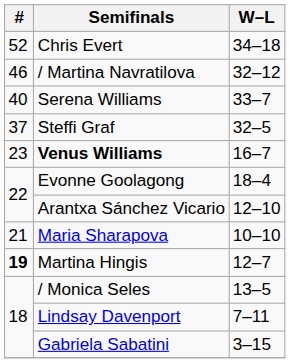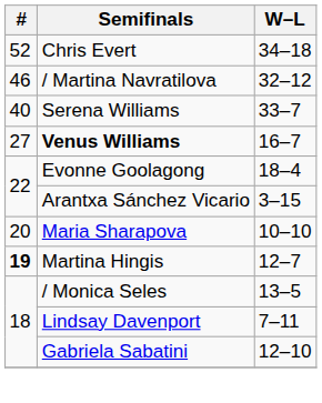 <table class="wikitable" style="display:inline-table;">
 <tr>
 <th width=20>#</th>
 <th>Semifinals</th>
 <th>W–L</th>
 </tr>
 <tr>
 <td>52</td>
 <td> Chris Evert</td>
 <td>34–18</td>
 </tr>
 <tr>
 <td>46</td>
 <td>/ Martina Navratilova</td>
 <td>32–12</td>
 </tr>
 <tr>
 <td>40</td>
 <td> Serena Williams</td>
 <td>33–7</td>
 </tr>
 <tr>
-<td>37</td>
-<td> Steffi Graf</td>
-<td>32–5</td>
-</tr>
-<tr>
-<td>23</td>
+<td>27</td>
 <td> <strong>Venus Williams</strong></td>
 <td>16–7</td>
 </tr>
 <tr>
 <td rowspan=2>22</td>
 <td> Evonne Goolagong</td>
 <td>18–4</td>
 </tr>
 <tr>
 <td> Arantxa Sánchez Vicario</td>
-<td>12–10</td>
+<td>3–15</td>
 </tr>
 <tr>
-<td>21</td>
+<td>20</td>
 <td> <a href='#'>Maria Sharapova</a></td>
 <td>10–10</td>
 </tr>
 <tr>
 <td><strong>19</strong></td>
 <td> Martina Hingis</td>
 <td>12–7</td>
 </tr>
 <tr>
 <td rowspan=3>18</td>
 <td>/ Monica Seles</td>
 <td>13–5</td>
 </tr>
 <tr>
 <td> <a href='#'>Lindsay Davenport</a></td>
 <td>7–11</td>
 </tr>
 <tr>
 <td> <a href='#'>Gabriela Sabatini</a></td>
-<td>3–15</td>
+<td>12–10</td>
 </tr>
 <tr>
 </tr>
 </table>
